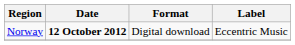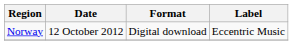 <table class=wikitable>
 <tr>
 <th>Region</th>
 <th>Date</th>
 <th>Format</th>
 <th>Label</th>
 </tr>
 <tr>
 <td><a href='#'>Norway</a></td>
-<td><strong>12 October 2012</strong></td>
+<td>12 October 2012</td>
 <td>Digital download</td>
 <td>Eccentric Music</td>
 </tr>
 <tr>
 </tr>
 </table>
